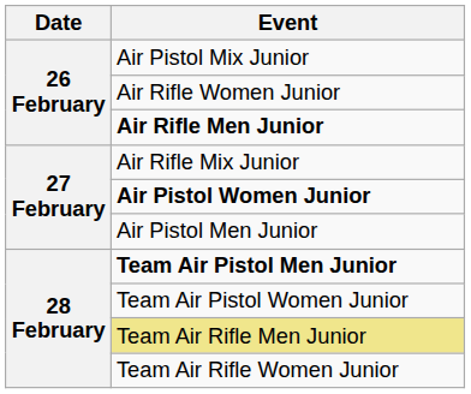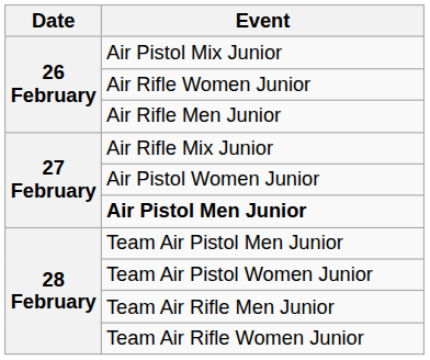 <table class=wikitable>
 <tr>
 <th width=70>Date</th>
 <th width=250>Event</th>
 </tr>
 <tr>
 <th rowspan=3 align=center>26 February</th>
 <td>Air Pistol Mix Junior</td>
 </tr>
 <tr>
 <td>Air Rifle Women Junior</td>
 </tr>
 <tr>
-<td><strong>Air Rifle Men Junior</strong></td>
+<td>Air Rifle Men Junior</td>
 </tr>
 <tr>
 <th rowspan=3 align=center>27 February</th>
 <td>Air Rifle Mix Junior</td>
 </tr>
 <tr>
-<td><strong>Air Pistol Women Junior</strong></td>
+<td>Air Pistol Women Junior</td>
 </tr>
 <tr>
-<td>Air Pistol Men Junior</td>
+<td><strong>Air Pistol Men Junior</strong></td>
 </tr>
 <tr>
 <th rowspan=4 align=center>28 February</th>
-<td><strong>Team Air Pistol Men Junior</strong></td>
+<td>Team Air Pistol Men Junior</td>
 </tr>
 <tr>
 <td>Team Air Pistol Women Junior</td>
 </tr>
 <tr>
-<td style="background: khaki;">Team Air Rifle Men Junior</td>
+<td>Team Air Rifle Men Junior</td>
 </tr>
 <tr>
 <td>Team Air Rifle Women Junior</td>
 </tr>
 </table>
